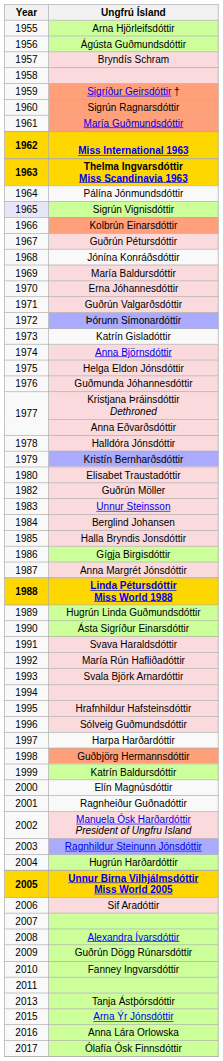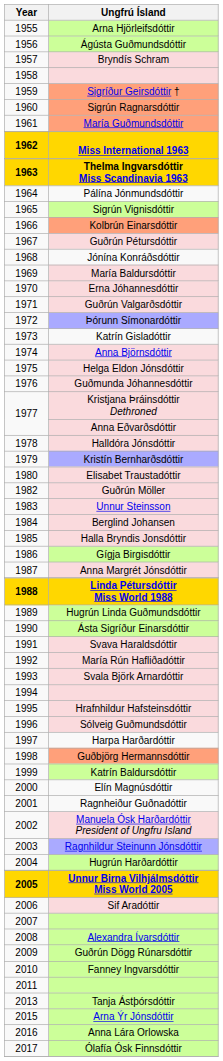 <table class="wikitable sortable" style="font-size: 95%; text-align:center">
 <tr>
 <th width="60">Year</th>
 <th width="250">Ungfrú Ísland</th>
 </tr>
 <tr>
 <td>1955</td>
 <td style="background:#CCFF99;">Arna Hjörleifsdóttir</td>
 </tr>
 <tr>
 <td>1956</td>
 <td style="background:#CCFF99;">Ágústa Guðmundsdóttir</td>
 </tr>
 <tr>
 <td>1957</td>
 <td style="background:#FADADD;">Bryndís Schram</td>
 </tr>
 <tr>
 <td>1958</td>
 <td style="background:#FADADD;"></td>
 </tr>
 <tr>
 <td>1959</td>
 <td style="background:#FFA07A;"><a href='#'>Sigríður Geirsdóttir</a> †</td>
 </tr>
 <tr>
 <td>1960</td>
 <td style="background:#FFA07A;">Sigrún Ragnarsdóttir</td>
 </tr>
 <tr>
 <td>1961</td>
 <td style="background:#FFA07A;"><a href='#'>María Guðmundsdóttir</a></td>
 </tr>
 <tr>
 </tr>
 <tr style="background-color:gold; font-weight: bold ">
 <td>1962</td>
 <td><br><a href='#'>Miss International 1963</a></td>
 </tr>
 <tr>
 </tr>
 <tr style="background-color:gold; font-weight: bold ">
 <td>1963</td>
 <td>Thelma Ingvarsdóttir<br><a href='#'>Miss Scandinavia 1963</a></td>
 </tr>
 <tr>
 <td>1964</td>
 <td>Pálína Jónmundsdóttir</td>
 </tr>
 <tr>
-<td style="background: lavender;">1965</td>
+<td>1965</td>
 <td style="background:#CCFF99;">Sigrún Vignisdóttir</td>
 </tr>
 <tr>
 <td>1966</td>
 <td style="background:#FFA07A;">Kolbrún Einarsdóttir</td>
 </tr>
 <tr>
 <td>1967</td>
 <td style="background:#FADADD;">Guðrún Pétursdóttir</td>
 </tr>
 <tr>
 <td>1968</td>
 <td>Jónína Konráðsdóttir</td>
 </tr>
 <tr>
 <td>1969</td>
 <td style="background:#FADADD;">María Baldursdóttir</td>
 </tr>
 <tr>
 <td>1970</td>
 <td style="background:#FADADD;">Erna Jóhannesdóttir</td>
 </tr>
 <tr>
 <td>1971</td>
 <td style="background:#FADADD;">Guðrún Valgarðsdóttir</td>
 </tr>
 <tr>
 <td>1972</td>
 <td style="background:#AAAAFF;">Þórunn Símonardóttir</td>
 </tr>
 <tr>
 <td>1973</td>
 <td>Katrín Gisladóttir</td>
 </tr>
 <tr>
 <td>1974</td>
 <td style="background:#FADADD;"><a href='#'>Anna Björnsdóttir</a></td>
 </tr>
 <tr>
 <td>1975</td>
 <td style="background:#FADADD;">Helga Eldon Jónsdóttir</td>
 </tr>
 <tr>
 <td>1976</td>
 <td style="background:#FADADD;">Guðmunda Jóhannesdóttir</td>
 </tr>
 <tr>
 <td rowspan=2>1977</td>
 <td style="background:#FADADD;">Kristjana Þráinsdóttir<br><em>Dethroned</em></td>
 </tr>
 <tr>
 <td style="background:#FADADD;">Anna Eðvarðsdóttir</td>
 </tr>
 <tr>
 <td>1978</td>
 <td style="background:#FADADD;">Halldóra Jónsdóttir</td>
 </tr>
 <tr>
 <td>1979</td>
 <td style="background:#AAAAFF;">Kristín Bernharðsdóttir</td>
 </tr>
 <tr>
 <td>1980</td>
 <td style="background:#FADADD;">Elisabet Traustadóttir</td>
 </tr>
 <tr>
 <td>1982</td>
 <td style="background:#FADADD;">Guðrún Möller</td>
 </tr>
 <tr>
 <td>1983</td>
 <td style="background:#FADADD;"><a href='#'>Unnur Steinsson</a></td>
 </tr>
 <tr>
 <td>1984</td>
 <td style="background:#FADADD;">Berglind Johansen</td>
 </tr>
 <tr>
 <td>1985</td>
 <td style="background:#FADADD;">Halla Bryndis Jonsdóttir</td>
 </tr>
 <tr>
 <td>1986</td>
 <td style="background:#CCFF99;">Gígja Birgisdóttir</td>
 </tr>
 <tr>
 <td>1987</td>
 <td style="background:#FADADD;">Anna Margrét Jónsdóttir</td>
 </tr>
 <tr>
 </tr>
 <tr style="background-color:gold; font-weight: bold">
 <td>1988</td>
 <td><a href='#'>Linda Pétursdóttir</a><br><a href='#'>Miss World 1988</a></td>
 </tr>
 <tr>
 <td>1989</td>
 <td style="background:#CCFF99;">Hugrún Linda Guðmundsdóttir</td>
 </tr>
 <tr>
 <td>1990</td>
 <td style="background:#CCFF99;">Ásta Sigríður Einarsdóttir</td>
 </tr>
 <tr>
 <td>1991</td>
 <td style="background:#FADADD;">Svava Haraldsdóttir</td>
 </tr>
 <tr>
 <td>1992</td>
 <td style="background:#FADADD;">María Rún Hafliðadóttir</td>
 </tr>
 <tr>
 <td>1993</td>
 <td style="background:#FADADD;">Svala Björk Arnardóttir</td>
 </tr>
 <tr>
 <td>1994</td>
 <td style="background:#FADADD;"></td>
 </tr>
 <tr>
 <td>1995</td>
 <td style="background:#FADADD;">Hrafnhildur Hafsteinsdóttir</td>
 </tr>
 <tr>
 <td>1996</td>
 <td style="background:#FADADD;">Sólveig Guðmundsdóttir</td>
 </tr>
 <tr>
 <td>1997</td>
 <td>Harpa Harðardóttir</td>
 </tr>
 <tr>
 <td>1998</td>
 <td style="background:#FFA07A;">Guðbjörg Hermannsdóttir</td>
 </tr>
 <tr>
 <td>1999</td>
 <td style="background:#CCFF99;">Katrín Baldursdóttir</td>
 </tr>
 <tr>
 <td>2000</td>
 <td>Elín Magnúsdóttir</td>
 </tr>
 <tr>
 <td>2001</td>
 <td>Ragnheiður Guðnadóttir</td>
 </tr>
 <tr>
 <td>2002</td>
 <td style="background:#FADADD;"><a href='#'>Manuela Ósk Harðardóttir</a><br><em>President of Ungfru Island</em></td>
 </tr>
 <tr>
 <td>2003</td>
 <td style="background:#AAAAFF;"><a href='#'>Ragnhildur Steinunn Jónsdóttir</a></td>
 </tr>
 <tr>
 <td>2004</td>
 <td style="background:#CCFF99;">Hugrún Harðardóttir</td>
 </tr>
 <tr>
 </tr>
 <tr style="background-color:gold; font-weight: bold">
 <td>2005</td>
 <td><a href='#'>Unnur Birna Vilhjálmsdóttir</a><br><a href='#'>Miss World 2005</a></td>
 </tr>
 <tr>
 <td>2006</td>
 <td style="background:#FADADD;">Sif Aradóttir</td>
 </tr>
 <tr>
 <td>2007</td>
 <td style="background:#CCFF99;"></td>
 </tr>
 <tr>
 <td>2008</td>
 <td style="background:#CCFF99;"><a href='#'>Alexandra Ívarsdóttir</a></td>
 </tr>
 <tr>
 <td>2009</td>
 <td style="background:#CCFF99;">Guðrún Dögg Rúnarsdóttir</td>
 </tr>
 <tr>
 <td>2010</td>
 <td style="background:#CCFF99;">Fanney Ingvarsdóttir</td>
 </tr>
 <tr>
 <td>2011</td>
 <td style="background:#CCFF99;"></td>
 </tr>
 <tr>
 <td>2013</td>
 <td style="background:#CCFF99;">Tanja Ástþórsdóttir</td>
 </tr>
 <tr>
 <td>2015</td>
 <td style="background:#CCFF99;"><a href='#'>Arna Ýr Jónsdóttir</a></td>
 </tr>
 <tr>
 <td>2016</td>
 <td style="background:#CCFF99;">Anna Lára Orlowska</td>
 </tr>
 <tr>
 <td>2017</td>
 <td style="background:#CCFF99;">Ólafía Ósk Finnsdóttir</td>
 </tr>
 <tr>
 </tr>
 </table>
